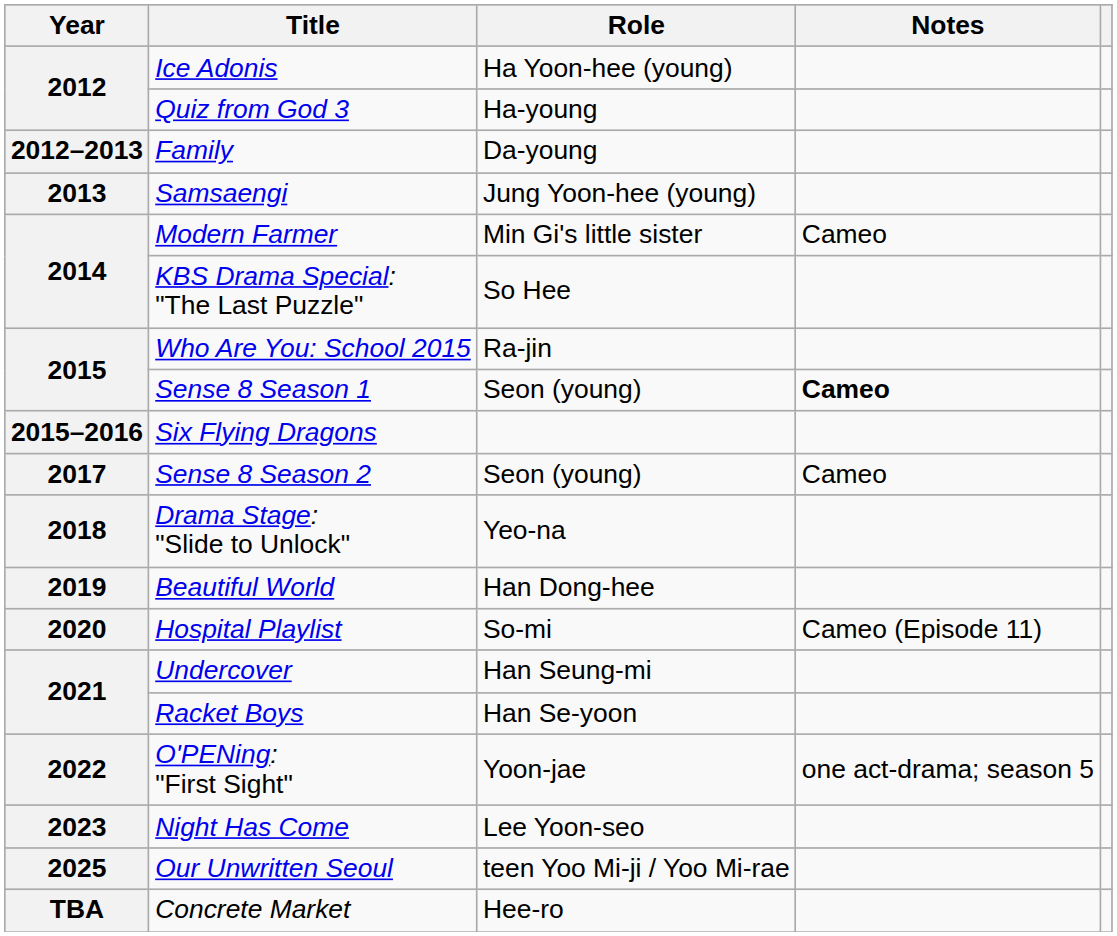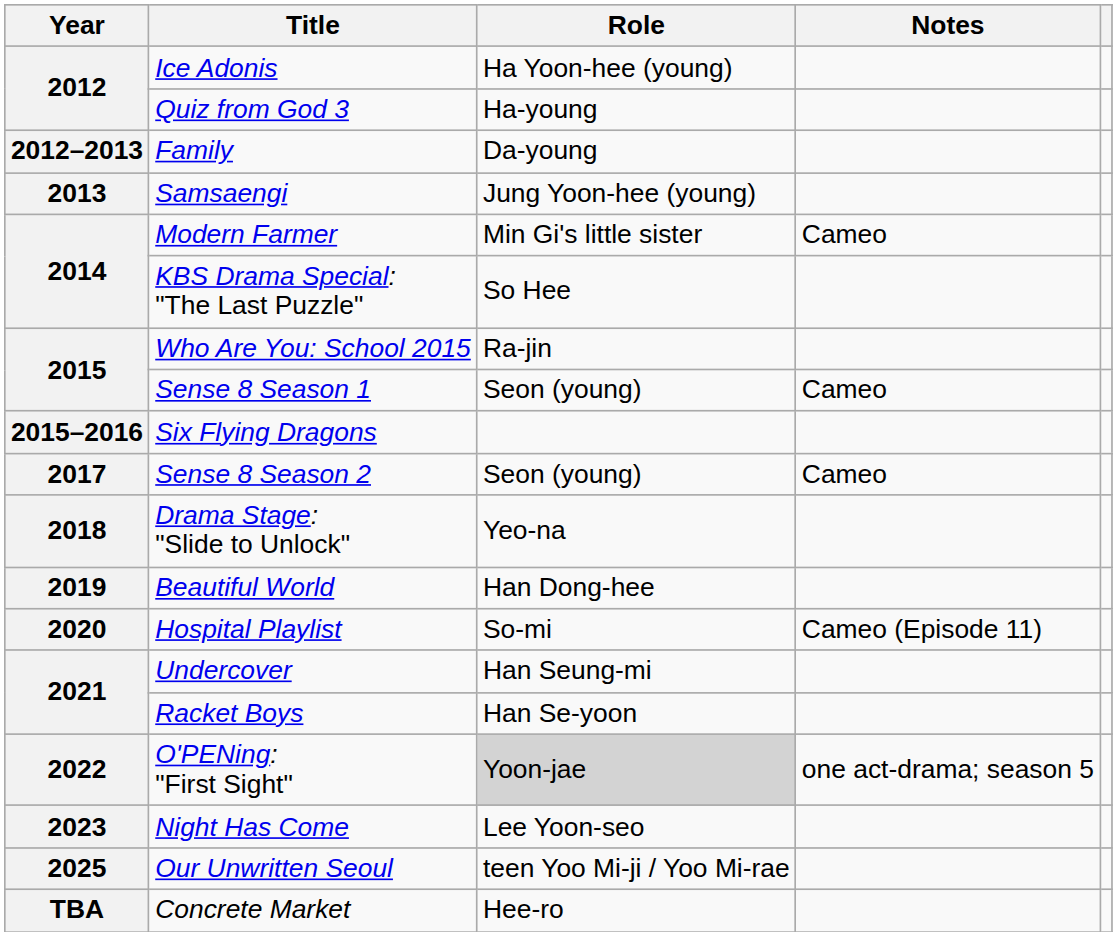 <table class="wikitable sortable plainrowheaders">
 <tr>
 <th scope="col">Year</th>
 <th scope="col">Title</th>
 <th scope="col">Role</th>
 <th scope="col" class="unsortable">Notes</th>
 <th scope="col" class="unsortable"></th>
 </tr>
 <tr>
 <th scope="row"  rowspan=2>2012</th>
 <td><em><a href='#'>Ice Adonis</a></em></td>
 <td>Ha Yoon-hee (young)</td>
 <td></td>
 <td></td>
 </tr>
 <tr>
 <td><em><a href='#'>Quiz from God 3</a></em></td>
 <td>Ha-young</td>
 <td></td>
 <td></td>
 </tr>
 <tr>
 <th scope="row">2012–2013</th>
 <td><em><a href='#'>Family</a></em></td>
 <td>Da-young</td>
 <td></td>
 <td></td>
 </tr>
 <tr>
 <th scope="row">2013</th>
 <td><em><a href='#'>Samsaengi</a></em></td>
 <td>Jung Yoon-hee (young)</td>
 <td></td>
 <td></td>
 </tr>
 <tr>
 <th scope="row" rowspan=2>2014</th>
 <td><em><a href='#'>Modern Farmer</a></em></td>
 <td>Min Gi's little sister</td>
 <td>Cameo</td>
 <td></td>
 </tr>
 <tr>
 <td><em><a href='#'>KBS Drama Special</a>:</em><br>"The Last Puzzle"</td>
 <td>So Hee</td>
 <td></td>
 <td></td>
 </tr>
 <tr>
 <th scope="row"  rowspan=2>2015</th>
 <td><em><a href='#'>Who Are You: School 2015</a></em></td>
 <td>Ra-jin</td>
 <td></td>
 <td></td>
 </tr>
 <tr>
 <td><em><a href='#'>Sense 8 Season 1</a></em></td>
 <td>Seon (young)</td>
-<td><strong>Cameo</strong></td>
+<td>Cameo</td>
 <td></td>
 </tr>
 <tr>
 <th scope="row">2015–2016</th>
 <td><em><a href='#'>Six Flying Dragons</a></em></td>
 <td></td>
 <td></td>
 </tr>
 <tr>
 <th scope="row">2017</th>
 <td><em><a href='#'>Sense 8 Season 2</a></em></td>
 <td>Seon (young)</td>
 <td>Cameo</td>
 <td></td>
 </tr>
 <tr>
 <th scope="row">2018</th>
 <td><em><a href='#'>Drama Stage</a>:</em><br>"Slide to Unlock"</td>
 <td>Yeo-na</td>
 <td></td>
 <td></td>
 </tr>
 <tr>
 <th scope="row">2019</th>
 <td><em><a href='#'>Beautiful World</a></em></td>
 <td>Han Dong-hee</td>
 <td></td>
 <td></td>
 </tr>
 <tr>
 <th scope="row">2020</th>
 <td><em><a href='#'>Hospital Playlist</a></em></td>
 <td>So-mi</td>
 <td>Cameo (Episode 11)</td>
 <td></td>
 </tr>
 <tr>
 <th scope="row" rowspan=2>2021</th>
 <td><em><a href='#'>Undercover</a></em></td>
 <td>Han Seung-mi</td>
 <td></td>
 <td></td>
 </tr>
 <tr>
 <td><em><a href='#'>Racket Boys</a></em></td>
 <td>Han Se-yoon</td>
 <td></td>
 <td></td>
 </tr>
 <tr>
 <th scope="row">2022</th>
 <td><em><a href='#'>O'PENing</a>:</em><br>"First Sight"</td>
-<td>Yoon-jae</td>
+<td style="background: lightgrey;">Yoon-jae</td>
 <td>one act-drama; season 5</td>
 <td></td>
 </tr>
 <tr>
 <th scope="row">2023</th>
 <td><em><a href='#'>Night Has Come</a></em></td>
 <td>Lee Yoon-seo</td>
 <td></td>
 <td></td>
 </tr>
 <tr>
 <th scope="row">2025</th>
 <td><em><a href='#'>Our Unwritten Seoul</a></em></td>
 <td>teen Yoo Mi-ji / Yoo Mi-rae</td>
 <td></td>
 <td></td>
 </tr>
 <tr>
 <th scope="row">TBA</th>
 <td><em>Concrete Market</em></td>
 <td>Hee-ro</td>
 <td></td>
 <td></td>
 </tr>
 </table>
